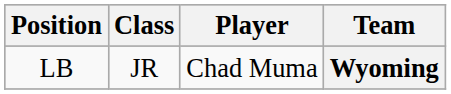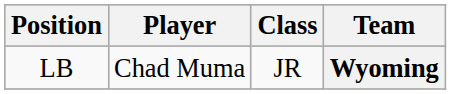 <table class="wikitable sortable" border="1">
 <tr>
 <th>Position</th>
+<th>Player</th>
 <th>Class</th>
-<th>Player</th>
 <th>Team</th>
 </tr>
 <tr>
 <td style="text-align:center;">LB</td>
+<td style="text-align:center;">Chad Muma</td>
 <td style="text-align:center;">JR</td>
-<td style="text-align:center;">Chad Muma</td>
 <th>Wyoming</th>
 </tr>
 </table>
